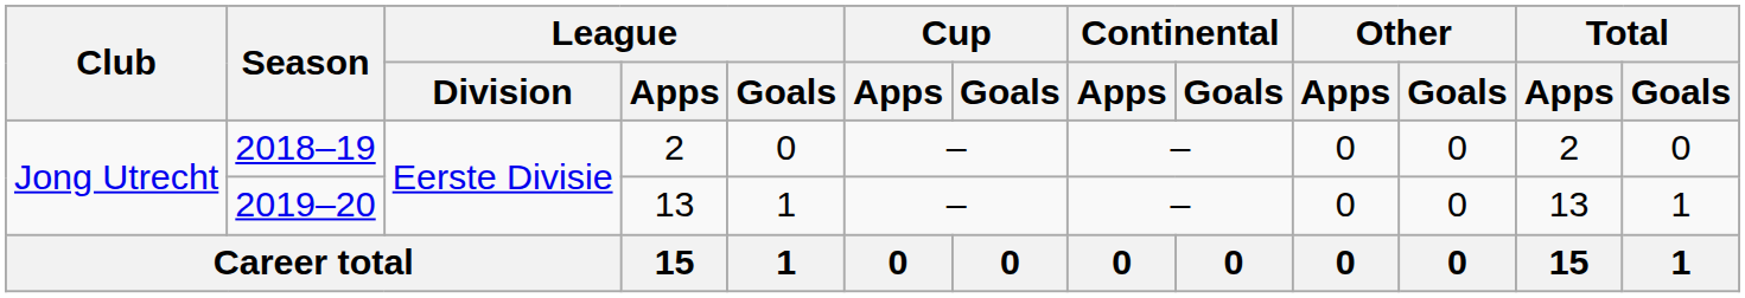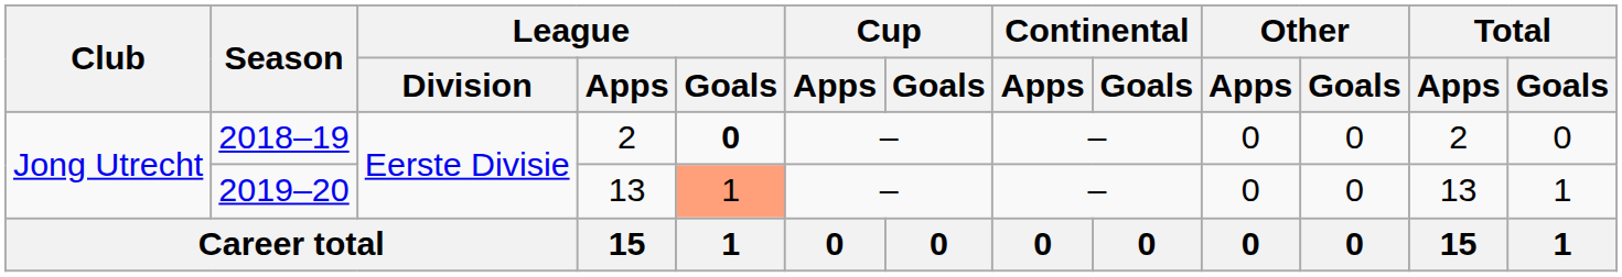 <table class="wikitable" style="text-align: center">
 <tr>
 <th rowspan="2">Club</th>
 <th rowspan="2">Season</th>
 <th colspan="3">League</th>
 <th colspan="2">Cup</th>
 <th colspan="2">Continental</th>
 <th colspan="2">Other</th>
 <th colspan="2">Total</th>
 </tr>
 <tr>
 <th>Division</th>
 <th>Apps</th>
 <th>Goals</th>
 <th>Apps</th>
 <th>Goals</th>
 <th>Apps</th>
 <th>Goals</th>
 <th>Apps</th>
 <th>Goals</th>
 <th>Apps</th>
 <th>Goals</th>
 </tr>
 <tr>
 <td rowspan="2"><a href='#'>Jong Utrecht</a></td>
 <td><a href='#'>2018–19</a></td>
 <td rowspan="2"><a href='#'>Eerste Divisie</a></td>
 <td>2</td>
-<td>0</td>
+<td><strong>0</strong></td>
 <td colspan="2">–</td>
 <td colspan="2">–</td>
 <td>0</td>
 <td>0</td>
 <td>2</td>
 <td>0</td>
 </tr>
 <tr>
 <td><a href='#'>2019–20</a></td>
 <td>13</td>
-<td>1</td>
+<td style="background: lightsalmon;">1</td>
 <td colspan="2">–</td>
 <td colspan="2">–</td>
 <td>0</td>
 <td>0</td>
 <td>13</td>
 <td>1</td>
 </tr>
 <tr>
 <th colspan="3"><strong>Career total</strong></th>
 <th>15</th>
 <th>1</th>
 <th>0</th>
 <th>0</th>
 <th>0</th>
 <th>0</th>
 <th>0</th>
 <th>0</th>
 <th>15</th>
 <th>1</th>
 </tr>
 </table>
